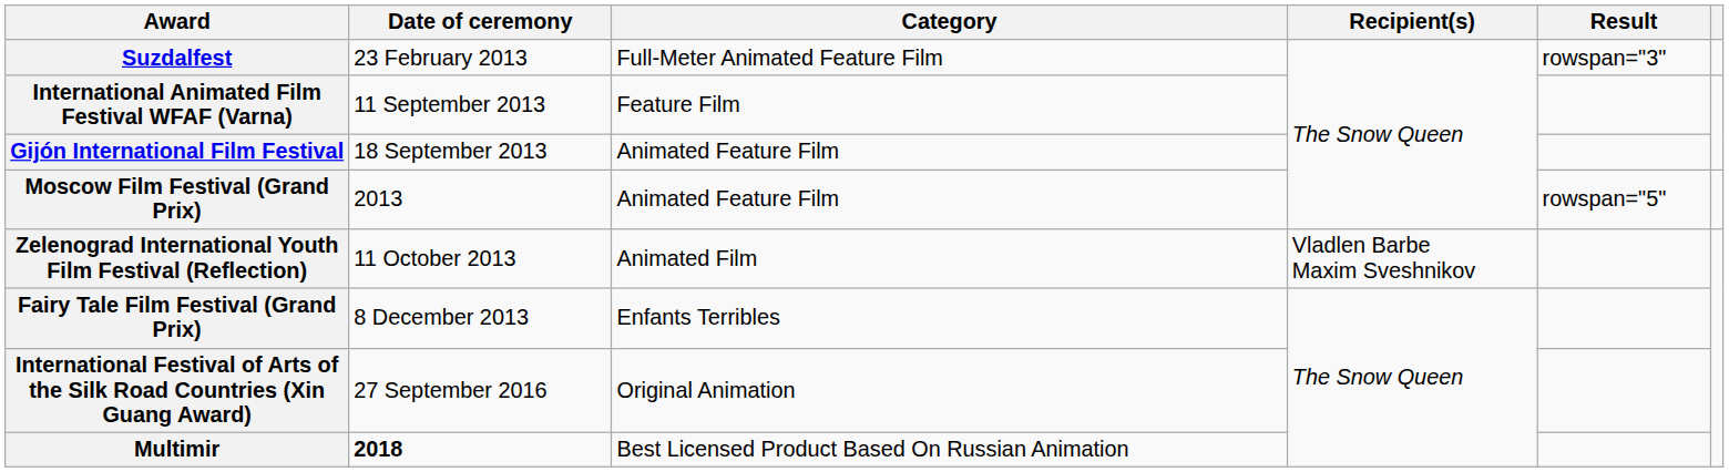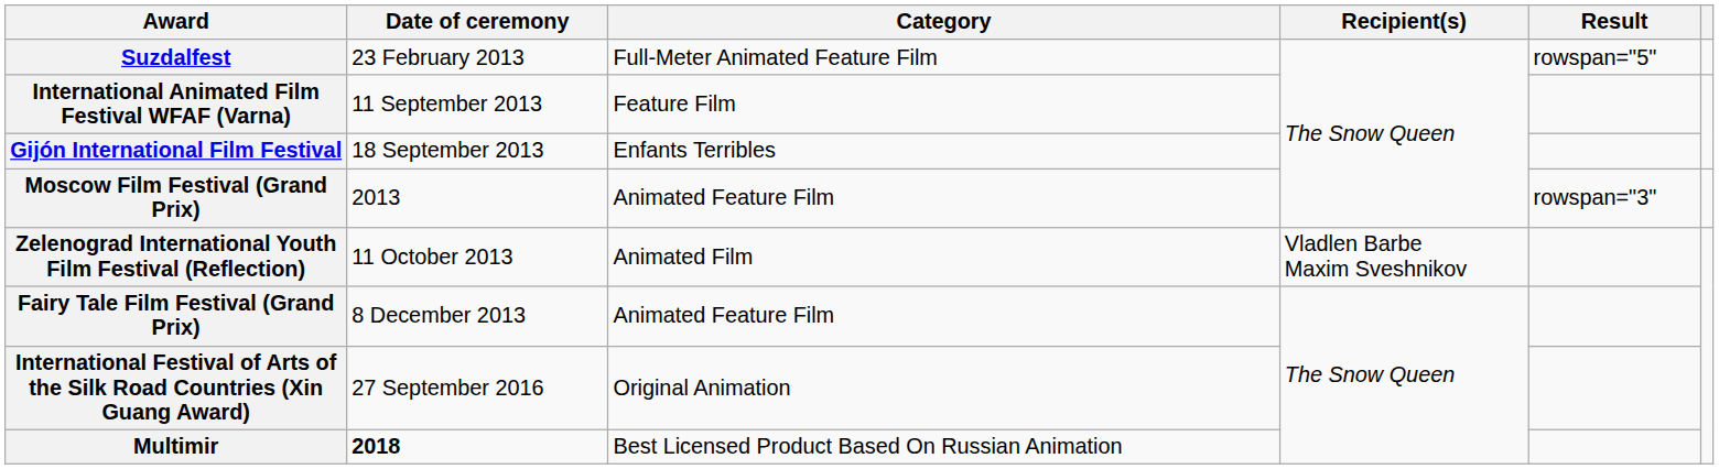 <table class="wikitable sortable plainrowheaders" style="width: 99%">
 <tr>
 <th scope="col" style="width:20%;">Award</th>
 <th scope="col">Date of ceremony</th>
 <th scope="col">Category</th>
 <th scope="col">Recipient(s)</th>
 <th scope="col">Result</th>
 <th scope="col" class="unsortable"></th>
 </tr>
 <tr>
 <th scope="row" style="text-align:center;"><a href='#'>Suzdalfest</a></th>
 <td>23 February 2013</td>
 <td>Full-Meter Animated Feature Film</td>
 <td rowspan="4"><em>The Snow Queen</em></td>
-<td>rowspan="3"</td>
+<td>rowspan="5"</td>
 <td style="text-align:center;"></td>
 </tr>
 <tr>
 <th scope="row" style="text-align:center;">International Animated Film Festival WFAF (Varna)</th>
 <td>11 September 2013</td>
 <td>Feature Film</td>
 <td style="text-align:center;"></td>
 </tr>
 <tr>
 <th scope="row" style="text-align:center;"><a href='#'>Gijón International Film Festival</a></th>
 <td>18 September 2013</td>
-<td>Animated Feature Film</td>
+<td>Enfants Terribles</td>
 <td style="text-align:center;"></td>
 </tr>
 <tr>
 <th scope="row" style="text-align:center;">Moscow Film Festival (Grand Prix)</th>
 <td>2013</td>
 <td>Animated Feature Film</td>
-<td>rowspan="5"</td>
+<td>rowspan="3"</td>
 <td style="text-align:center;"></td>
 </tr>
 <tr>
 <th scope="row" style="text-align:center;">Zelenograd International Youth Film Festival (Reflection)</th>
 <td>11 October 2013</td>
 <td>Animated Film</td>
 <td>Vladlen Barbe<br>Maxim Sveshnikov</td>
 <td style="text-align:center;"></td>
 </tr>
 <tr>
 <th scope="row" style="text-align:center;">Fairy Tale Film Festival (Grand Prix)</th>
 <td>8 December 2013</td>
-<td>Enfants Terribles</td>
+<td>Animated Feature Film</td>
 <td rowspan="3"><em>The Snow Queen</em></td>
 <td style="text-align:center;"></td>
 </tr>
 <tr>
 <th scope="row" style="text-align:center;">International Festival of Arts of the Silk Road Countries (Xin Guang Award)</th>
 <td>27 September 2016</td>
 <td>Original Animation</td>
 <td style="text-align:center;"></td>
 </tr>
 <tr>
 <th scope="row" style="text-align:center;">Multimir</th>
 <td><strong>2018</strong></td>
 <td>Best Licensed Product Based On Russian Animation</td>
 <td style="text-align:center;"></td>
 </tr>
 </table>
